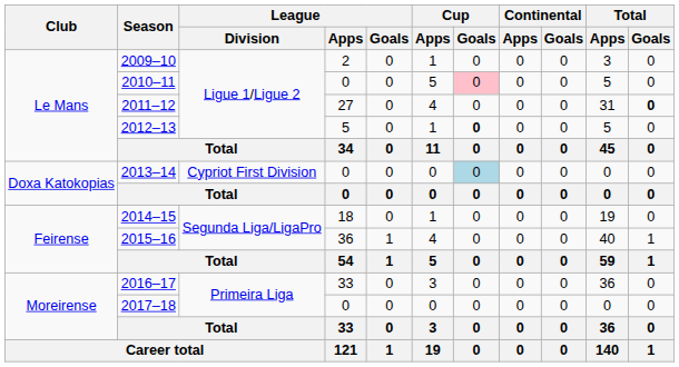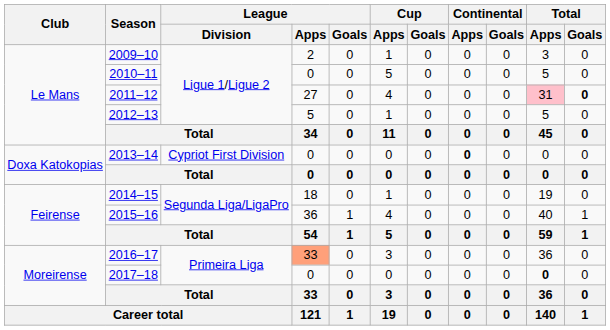 <table class="wikitable" style="text-align: center">
 <tr>
 <th rowspan=2>Club</th>
 <th rowspan=2>Season</th>
 <th colspan=3>League</th>
 <th colspan=2>Cup</th>
 <th colspan=2>Continental</th>
 <th colspan=2>Total</th>
 </tr>
 <tr>
 <th>Division</th>
 <th>Apps</th>
 <th>Goals</th>
 <th>Apps</th>
 <th>Goals</th>
 <th>Apps</th>
 <th>Goals</th>
 <th>Apps</th>
 <th>Goals</th>
 </tr>
 <tr>
 <td rowspan=5><a href='#'>Le Mans</a></td>
 <td><a href='#'>2009–10</a></td>
 <td rowspan=4><a href='#'>Ligue 1</a>/<a href='#'>Ligue 2</a></td>
 <td>2</td>
 <td>0</td>
 <td>1</td>
 <td>0</td>
 <td>0</td>
 <td>0</td>
 <td>3</td>
 <td>0</td>
 </tr>
 <tr>
 <td><a href='#'>2010–11</a></td>
 <td>0</td>
 <td>0</td>
 <td>5</td>
-<td style="background: pink;">0</td>
+<td>0</td>
 <td>0</td>
 <td>0</td>
 <td>5</td>
 <td>0</td>
 </tr>
 <tr>
 <td><a href='#'>2011–12</a></td>
 <td>27</td>
 <td>0</td>
 <td>4</td>
 <td>0</td>
 <td>0</td>
 <td>0</td>
-<td>31</td>
+<td style="background: pink;">31</td>
 <td><strong>0</strong></td>
 </tr>
 <tr>
 <td><a href='#'>2012–13</a></td>
 <td>5</td>
 <td>0</td>
 <td>1</td>
-<td><strong>0</strong></td>
+<td>0</td>
 <td>0</td>
 <td>0</td>
 <td>5</td>
 <td>0</td>
 </tr>
 <tr>
 <th colspan=2>Total</th>
 <th>34</th>
 <th>0</th>
 <th>11</th>
 <th>0</th>
 <th>0</th>
 <th>0</th>
 <th>45</th>
 <th>0</th>
 </tr>
 <tr>
 <td rowspan=2><a href='#'>Doxa Katokopias</a></td>
 <td><a href='#'>2013–14</a></td>
 <td><a href='#'>Cypriot First Division</a></td>
 <td>0</td>
 <td>0</td>
 <td>0</td>
-<td style="background: lightblue;">0</td>
 <td>0</td>
+<td><strong>0</strong></td>
 <td>0</td>
 <td>0</td>
 <td>0</td>
 </tr>
 <tr>
 <th colspan=2>Total</th>
 <th>0</th>
 <th>0</th>
 <th>0</th>
 <th>0</th>
 <th>0</th>
 <th>0</th>
 <th>0</th>
 <th>0</th>
 </tr>
 <tr>
 <td rowspan=3><a href='#'>Feirense</a></td>
 <td><a href='#'>2014–15</a></td>
 <td rowspan=2><a href='#'>Segunda Liga/LigaPro</a></td>
 <td>18</td>
 <td>0</td>
 <td>1</td>
 <td>0</td>
 <td>0</td>
 <td>0</td>
 <td>19</td>
 <td>0</td>
 </tr>
 <tr>
 <td><a href='#'>2015–16</a></td>
 <td>36</td>
 <td>1</td>
 <td>4</td>
 <td>0</td>
 <td>0</td>
 <td>0</td>
 <td>40</td>
 <td>1</td>
 </tr>
 <tr>
 <th colspan=2>Total</th>
 <th>54</th>
 <th>1</th>
 <th>5</th>
 <th>0</th>
 <th>0</th>
 <th>0</th>
 <th>59</th>
 <th>1</th>
 </tr>
 <tr>
 <td rowspan=3><a href='#'>Moreirense</a></td>
 <td><a href='#'>2016–17</a></td>
 <td rowspan=2><a href='#'>Primeira Liga</a></td>
-<td>33</td>
+<td style="background: lightsalmon;">33</td>
 <td>0</td>
 <td>3</td>
 <td>0</td>
 <td>0</td>
 <td>0</td>
 <td>36</td>
 <td>0</td>
 </tr>
 <tr>
 <td><a href='#'>2017–18</a></td>
 <td>0</td>
 <td>0</td>
 <td>0</td>
 <td>0</td>
 <td>0</td>
 <td>0</td>
-<td>0</td>
+<td><strong>0</strong></td>
 <td>0</td>
 </tr>
 <tr>
 <th colspan=2>Total</th>
 <th>33</th>
 <th>0</th>
 <th>3</th>
 <th>0</th>
 <th>0</th>
 <th>0</th>
 <th>36</th>
 <th>0</th>
 </tr>
 <tr>
 <th colspan=3>Career total</th>
 <th>121</th>
 <th>1</th>
 <th>19</th>
 <th>0</th>
 <th>0</th>
 <th>0</th>
 <th>140</th>
 <th>1</th>
 </tr>
 </table>
